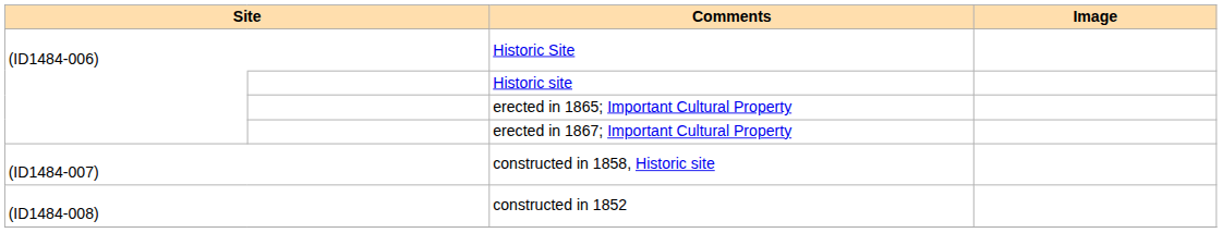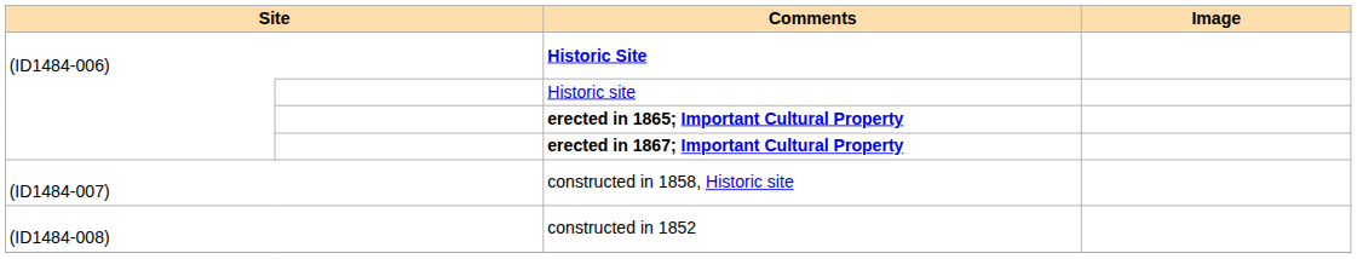 <table class="wikitable sortable"  width="100%" style="background:#ffffff;">
 <tr>
 <th colspan="2" width="40%" align="left" style="background:#ffdead;">Site</th>
 <th width="40%" align="left" style="background:#ffdead;" class="unsortable">Comments</th>
 <th width="20" align="left" style="background:#ffdead;" class="unsortable">Image</th>
 </tr>
 <tr>
 <td colspan="2" width="40%"><br>(ID1484-006)</td>
-<td><a href='#'>Historic Site</a></td>
+<td><strong><a href='#'>Historic Site</a></strong></td>
 <td></td>
 </tr>
 <tr>
 <td rowspan="3" style="border-top:hidden"></td>
 <td width="20%"></td>
 <td><a href='#'>Historic site</a></td>
 <td></td>
 </tr>
 <tr>
 <td width="20%"></td>
-<td>erected in 1865; <a href='#'>Important Cultural Property</a></td>
+<td><strong>erected in 1865; <a href='#'>Important Cultural Property</a></strong></td>
 <td></td>
 </tr>
 <tr>
 <td width="20%"></td>
-<td>erected in 1867; <a href='#'>Important Cultural Property</a></td>
+<td><strong>erected in 1867; <a href='#'>Important Cultural Property</a></strong></td>
 <td></td>
 </tr>
 <tr>
 <td colspan="2"><br>(ID1484-007)</td>
 <td>constructed in 1858, <a href='#'>Historic site</a></td>
 <td></td>
 </tr>
 <tr>
 <td colspan="2"><br>(ID1484-008)</td>
 <td>constructed in 1852</td>
 <td></td>
 </tr>
 <tr>
 </tr>
 </table>
